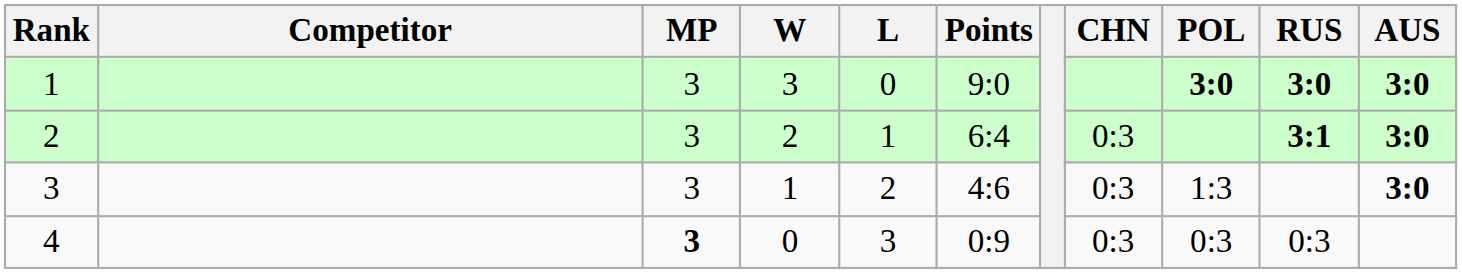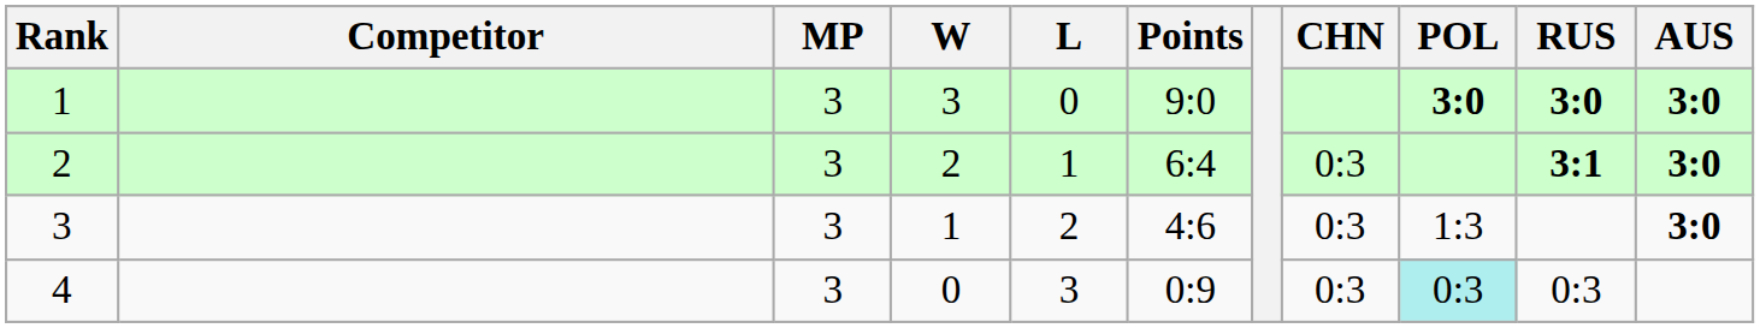 <table class="wikitable" style="text-align:center">
 <tr>
 <th>Rank</th>
 <th style="width:16em">Competitor</th>
 <th style="width:2.5em">MP</th>
 <th style="width:2.5em">W</th>
 <th style="width:2.5em">L</th>
 <th>Points</th>
 <th rowspan="5"> </th>
 <th style="width:2.5em">CHN</th>
 <th style="width:2.5em">POL</th>
 <th style="width:2.5em">RUS</th>
 <th style="width:2.5em">AUS</th>
 </tr>
 <tr style="background:#cfc;">
 <td>1</td>
 <td style="text-align:left"></td>
 <td>3</td>
 <td>3</td>
 <td>0</td>
 <td>9:0</td>
 <td></td>
 <td><strong>3:0</strong></td>
 <td><strong>3:0</strong></td>
 <td><strong>3:0</strong></td>
 </tr>
 <tr style="background:#cfc;">
 <td>2</td>
 <td style="text-align:left"></td>
 <td>3</td>
 <td>2</td>
 <td>1</td>
 <td>6:4</td>
 <td>0:3</td>
 <td></td>
 <td><strong>3:1</strong></td>
 <td><strong>3:0</strong></td>
 </tr>
 <tr>
 <td>3</td>
 <td style="text-align:left"></td>
 <td>3</td>
 <td>1</td>
 <td>2</td>
 <td>4:6</td>
 <td>0:3</td>
 <td>1:3</td>
 <td></td>
 <td><strong>3:0</strong></td>
 </tr>
 <tr>
 <td>4</td>
 <td style="text-align:left"></td>
-<td><strong>3</strong></td>
+<td>3</td>
 <td>0</td>
 <td>3</td>
 <td>0:9</td>
 <td>0:3</td>
-<td>0:3</td>
+<td style="background: paleturquoise;">0:3</td>
 <td>0:3</td>
 <td></td>
 </tr>
 </table>
